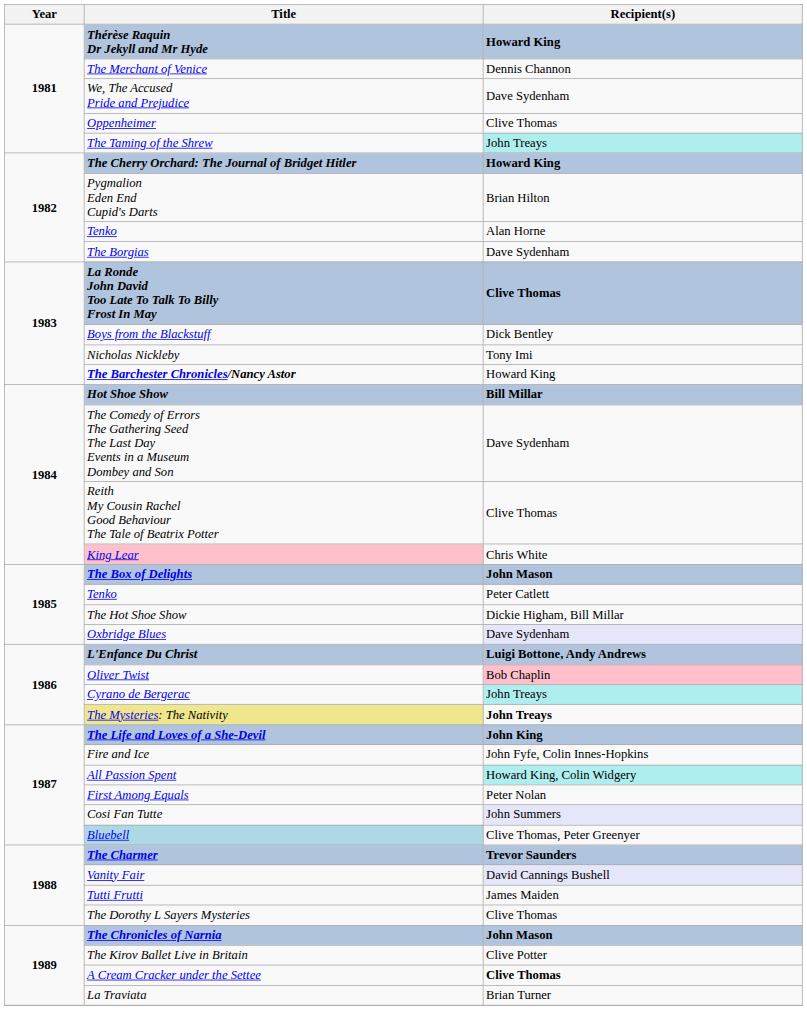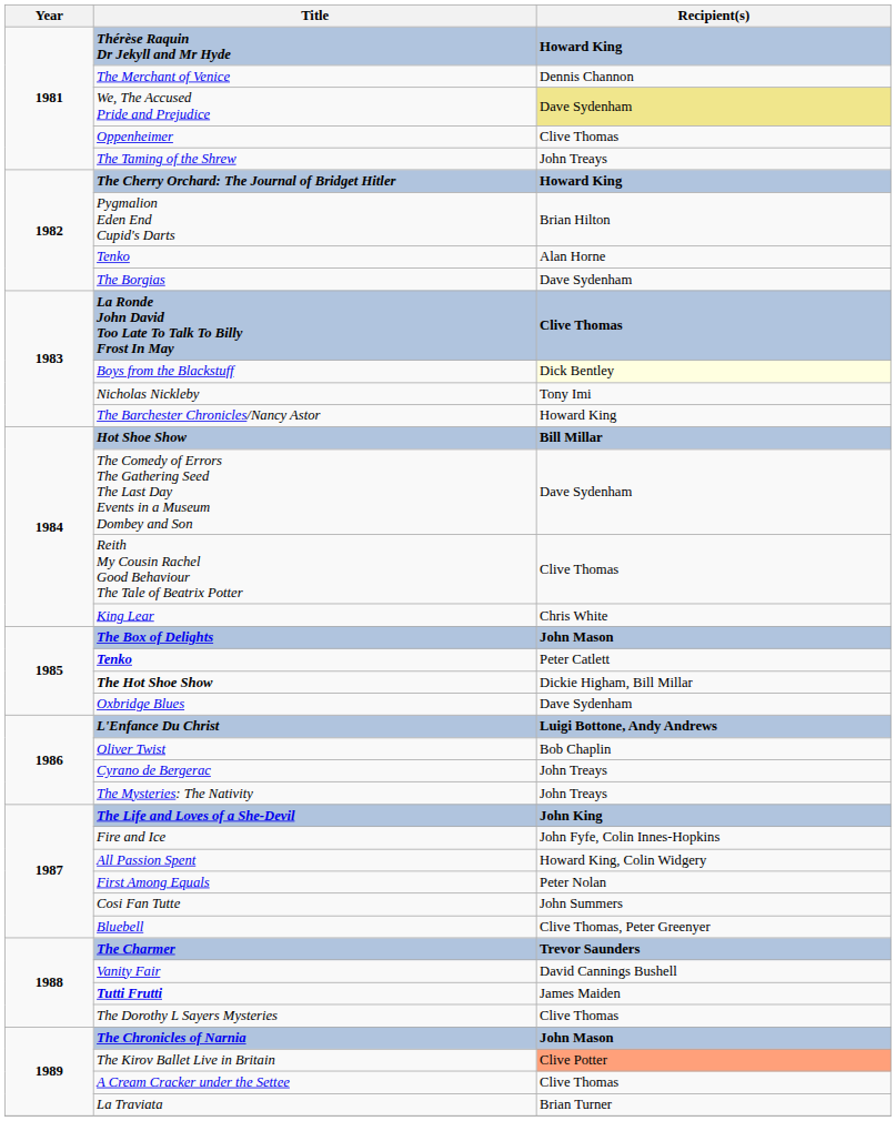 <table class="wikitable" width="80%">
 <tr>
 <th width=5%>Year</th>
 <th width=25%><strong>Title</strong></th>
 <th width=20%><strong>Recipient(s)</strong></th>
 </tr>
 <tr>
 <td rowspan="5" style="text-align:center;"><strong>1981</strong></td>
 <td style="background:#B0C4DE;"><strong><em>Thérèse Raquin<br>Dr Jekyll and Mr Hyde</em></strong></td>
 <td style="background:#B0C4DE;"><strong>Howard King</strong></td>
 </tr>
 <tr>
 <td><em><a href='#'>The Merchant of Venice</a></em></td>
 <td>Dennis Channon</td>
 </tr>
 <tr>
 <td><em>We, The Accused<br><a href='#'>Pride and Prejudice</a></em></td>
-<td>Dave Sydenham</td>
+<td style="background: khaki;">Dave Sydenham</td>
 </tr>
 <tr>
 <td><em><a href='#'>Oppenheimer</a></em></td>
 <td>Clive Thomas</td>
 </tr>
 <tr>
 <td><em><a href='#'>The Taming of the Shrew</a></em></td>
-<td style="background: paleturquoise;">John Treays</td>
+<td>John Treays</td>
 </tr>
 <tr>
 <td rowspan="4" style="text-align:center;"><strong>1982</strong></td>
 <td style="background:#B0C4DE;"><strong><em>The Cherry Orchard: The Journal of Bridget Hitler</em></strong></td>
 <td style="background:#B0C4DE;"><strong>Howard King</strong></td>
 </tr>
 <tr>
 <td><em>Pygmalion<br>Eden End<br>Cupid's Darts</em></td>
 <td>Brian Hilton</td>
 </tr>
 <tr>
 <td><em><a href='#'>Tenko</a></em></td>
 <td>Alan Horne</td>
 </tr>
 <tr>
 <td><em><a href='#'>The Borgias</a></em></td>
 <td>Dave Sydenham</td>
 </tr>
 <tr>
 <td rowspan="4" style="text-align:center;"><strong>1983</strong></td>
 <td style="background:#B0C4DE;"><strong><em>La Ronde<br>John David<br>Too Late To Talk To Billy<br>Frost In May</em></strong></td>
 <td style="background:#B0C4DE;"><strong>Clive Thomas</strong></td>
 </tr>
 <tr>
 <td><em><a href='#'>Boys from the Blackstuff</a></em></td>
-<td>Dick Bentley</td>
+<td style="background: lightyellow;">Dick Bentley</td>
 </tr>
 <tr>
 <td><em>Nicholas Nickleby</em></td>
 <td>Tony Imi</td>
 </tr>
 <tr>
-<td><strong><em><a href='#'>The Barchester Chronicles</a>/Nancy Astor</em></strong></td>
+<td><em><a href='#'>The Barchester Chronicles</a>/Nancy Astor</em></td>
 <td>Howard King</td>
 </tr>
 <tr>
 <td rowspan="4" style="text-align:center;"><strong>1984</strong></td>
 <td style="background:#B0C4DE;"><strong><em>Hot Shoe Show</em></strong></td>
 <td style="background:#B0C4DE;"><strong>Bill Millar</strong></td>
 </tr>
 <tr>
 <td><em>The Comedy of Errors<br>The Gathering Seed<br>The Last Day<br>Events in a Museum<br>Dombey and Son</em></td>
 <td>Dave Sydenham</td>
 </tr>
 <tr>
 <td><em>Reith<br>My Cousin Rachel<br>Good Behaviour<br>The Tale of Beatrix Potter</em></td>
 <td>Clive Thomas</td>
 </tr>
 <tr>
-<td style="background: pink;"><em><a href='#'>King Lear</a></em></td>
+<td><em><a href='#'>King Lear</a></em></td>
 <td>Chris White</td>
 </tr>
 <tr>
 <td rowspan="4" style="text-align:center;"><strong>1985</strong></td>
 <td style="background:#B0C4DE;"><strong><em><a href='#'>The Box of Delights</a></em></strong></td>
 <td style="background:#B0C4DE;"><strong>John Mason</strong></td>
 </tr>
 <tr>
-<td><em><a href='#'>Tenko</a></em></td>
+<td><strong><em><a href='#'>Tenko</a></em></strong></td>
 <td>Peter Catlett</td>
 </tr>
 <tr>
-<td><em>The Hot Shoe Show</em></td>
+<td><strong><em>The Hot Shoe Show</em></strong></td>
 <td>Dickie Higham, Bill Millar</td>
 </tr>
 <tr>
 <td><em><a href='#'>Oxbridge Blues</a></em></td>
-<td style="background: lavender;">Dave Sydenham</td>
+<td>Dave Sydenham</td>
 </tr>
 <tr>
 <td rowspan="4" style="text-align:center;"><strong>1986</strong></td>
 <td style="background:#B0C4DE;"><strong><em>L'Enfance Du Christ</em></strong></td>
 <td style="background:#B0C4DE;"><strong>Luigi Bottone, Andy Andrews</strong></td>
 </tr>
 <tr>
 <td><em><a href='#'>Oliver Twist</a></em></td>
-<td style="background: pink;">Bob Chaplin</td>
+<td>Bob Chaplin</td>
 </tr>
 <tr>
 <td><em><a href='#'>Cyrano de Bergerac</a></em></td>
-<td style="background: paleturquoise;">John Treays</td>
+<td>John Treays</td>
 </tr>
 <tr>
-<td style="background: khaki;"><em><a href='#'>The Mysteries</a>: The Nativity</em></td>
-<td><strong>John Treays</strong></td>
+<td><em><a href='#'>The Mysteries</a>: The Nativity</em></td>
+<td>John Treays</td>
 </tr>
 <tr>
 <td rowspan="6" style="text-align:center;"><strong>1987</strong></td>
 <td style="background:#B0C4DE;"><strong><em><a href='#'>The Life and Loves of a She-Devil</a></em></strong></td>
 <td style="background:#B0C4DE;"><strong>John King</strong></td>
 </tr>
 <tr>
 <td><em>Fire and Ice</em></td>
 <td>John Fyfe, Colin Innes-Hopkins</td>
 </tr>
 <tr>
 <td><em><a href='#'>All Passion Spent</a></em></td>
-<td style="background: paleturquoise;">Howard King, Colin Widgery</td>
+<td>Howard King, Colin Widgery</td>
 </tr>
 <tr>
 <td><em><a href='#'>First Among Equals</a></em></td>
 <td>Peter Nolan</td>
 </tr>
 <tr>
 <td><em>Cosi Fan Tutte</em></td>
-<td style="background: lavender;">John Summers</td>
+<td>John Summers</td>
 </tr>
 <tr>
-<td style="background: lightblue;"><em><a href='#'>Bluebell</a></em></td>
+<td><em><a href='#'>Bluebell</a></em></td>
 <td>Clive Thomas, Peter Greenyer</td>
 </tr>
 <tr>
 <td rowspan="4" style="text-align:center;"><strong>1988</strong></td>
 <td style="background:#B0C4DE;"><strong><em><a href='#'>The Charmer</a></em></strong></td>
 <td style="background:#B0C4DE;"><strong>Trevor Saunders</strong></td>
 </tr>
 <tr>
 <td><em><a href='#'>Vanity Fair</a></em></td>
-<td style="background: lavender;">David Cannings Bushell</td>
+<td>David Cannings Bushell</td>
 </tr>
 <tr>
-<td><em><a href='#'>Tutti Frutti</a></em></td>
+<td><strong><em><a href='#'>Tutti Frutti</a></em></strong></td>
 <td>James Maiden</td>
 </tr>
 <tr>
 <td><em>The Dorothy L Sayers Mysteries</em></td>
 <td>Clive Thomas</td>
 </tr>
 <tr>
 <td rowspan="4" style="text-align:center;"><strong>1989</strong></td>
 <td style="background:#B0C4DE;"><strong><em><a href='#'>The Chronicles of Narnia</a></em></strong></td>
 <td style="background:#B0C4DE;"><strong>John Mason</strong></td>
 </tr>
 <tr>
 <td><em>The Kirov Ballet Live in Britain</em></td>
-<td>Clive Potter</td>
+<td style="background: lightsalmon;">Clive Potter</td>
 </tr>
 <tr>
 <td><em><a href='#'>A Cream Cracker under the Settee</a></em></td>
-<td><strong>Clive Thomas</strong></td>
+<td>Clive Thomas</td>
 </tr>
 <tr>
 <td><em>La Traviata</em></td>
 <td>Brian Turner</td>
 </tr>
 <tr>
 </tr>
 </table>
